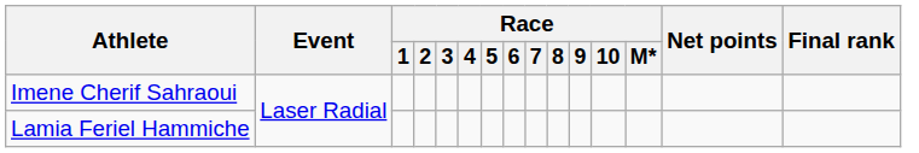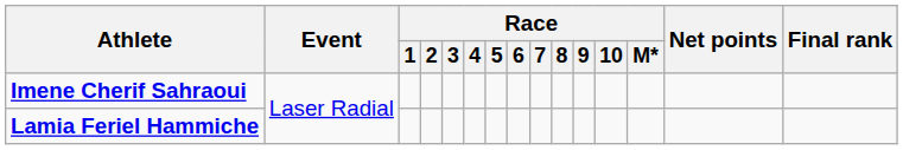 <table class="wikitable" style="font-size:90%">
 <tr>
 <th rowspan="2">Athlete</th>
 <th rowspan="2">Event</th>
 <th colspan=11>Race</th>
 <th rowspan=2>Net points</th>
 <th rowspan=2>Final rank</th>
 </tr>
 <tr style="font-size:95%">
 <th>1</th>
 <th>2</th>
 <th>3</th>
 <th>4</th>
 <th>5</th>
 <th>6</th>
 <th>7</th>
 <th>8</th>
 <th>9</th>
 <th>10</th>
 <th>M*</th>
 </tr>
 <tr align=center>
-<td align=left><a href='#'>Imene Cherif Sahraoui</a></td>
+<td align=left><strong><a href='#'>Imene Cherif Sahraoui</a></strong></td>
 <td align=left rowspan=2><a href='#'>Laser Radial</a></td>
 <td></td>
 <td></td>
 <td></td>
 <td></td>
 <td></td>
 <td></td>
 <td></td>
 <td></td>
 <td></td>
 <td></td>
 <td></td>
 <td></td>
 <td></td>
 </tr>
 <tr align=center>
-<td align=left><a href='#'>Lamia Feriel Hammiche</a></td>
+<td align=left><strong><a href='#'>Lamia Feriel Hammiche</a></strong></td>
 <td></td>
 <td></td>
 <td></td>
 <td></td>
 <td></td>
 <td></td>
 <td></td>
 <td></td>
 <td></td>
 <td></td>
 <td></td>
 <td></td>
 <td></td>
 </tr>
 </table>
